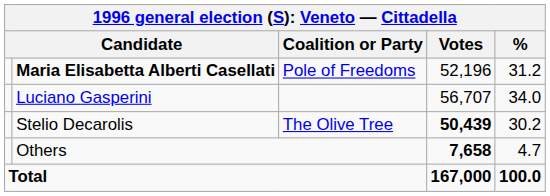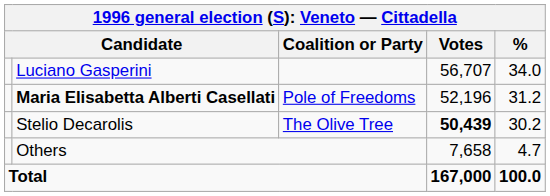 <table class=wikitable style=text-align:right>
 <tr>
 <th colspan=5><a href='#'>1996 general election</a> (<a href='#'>S</a>): <a href='#'>Veneto</a> — <a href='#'>Cittadella</a></th>
 </tr>
 <tr>
 <th colspan=2>Candidate</th>
 <th>Coalition or Party</th>
 <th>Votes</th>
 <th>%</th>
 </tr>
 <tr>
 <td></td>
+<td align=left><a href='#'>Luciano Gasperini</a></td>
+<td align=left></td>
+<td>56,707</td>
+<td>34.0</td>
+</tr>
+<tr>
+<td></td>
 <td align=left><strong>Maria Elisabetta Alberti Casellati</strong></td>
 <td align=left><a href='#'>Pole of Freedoms</a></td>
 <td>52,196</td>
 <td>31.2</td>
-</tr>
-<tr>
-<td></td>
-<td align=left><a href='#'>Luciano Gasperini</a></td>
-<td align=left></td>
-<td>56,707</td>
-<td>34.0</td>
 </tr>
 <tr>
 <td></td>
 <td align=left>Stelio Decarolis</td>
 <td align=left><a href='#'>The Olive Tree</a></td>
 <td><strong>50,439</strong></td>
 <td>30.2</td>
 </tr>
 <tr>
 <td></td>
 <td align=left colspan=2>Others</td>
-<td><strong>7,658</strong></td>
+<td>7,658</td>
 <td>4.7</td>
 </tr>
 <tr>
 <td align=left colspan=3><strong>Total</strong></td>
 <td><strong>167,000</strong></td>
 <td><strong>100.0</strong></td>
 </tr>
 </table>
